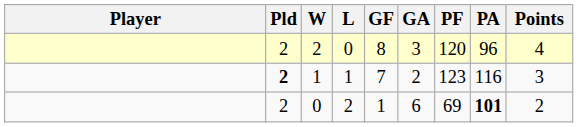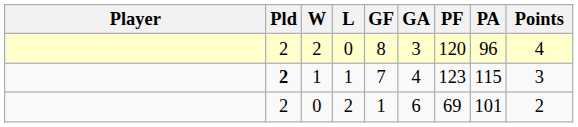 <table class=wikitable style="text-align:center;">
 <tr>
 <th width=220>Player</th>
 <th width=20>Pld</th>
 <th width=20>W</th>
 <th width=20>L</th>
 <th width=20>GF</th>
 <th width=20>GA</th>
 <th width=20>PF</th>
 <th width=20>PA</th>
 <th width=50>Points</th>
 </tr>
 <tr bgcolor=#ffffcc>
 <td style="text-align:left;"></td>
 <td>2</td>
 <td>2</td>
 <td>0</td>
 <td>8</td>
 <td>3</td>
 <td>120</td>
 <td>96</td>
 <td>4</td>
 </tr>
 <tr>
 <td style="text-align:left;"></td>
 <td><strong>2</strong></td>
 <td>1</td>
 <td>1</td>
 <td>7</td>
-<td>2</td>
+<td>4</td>
 <td>123</td>
-<td>116</td>
+<td>115</td>
 <td>3</td>
 </tr>
 <tr>
 <td style="text-align:left;"></td>
 <td>2</td>
 <td>0</td>
 <td>2</td>
 <td>1</td>
 <td>6</td>
 <td>69</td>
-<td><strong>101</strong></td>
+<td>101</td>
 <td>2</td>
 </tr>
 </table>
